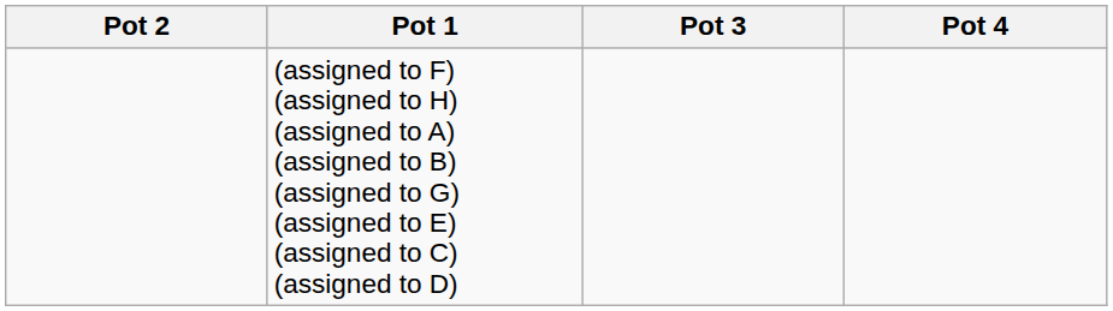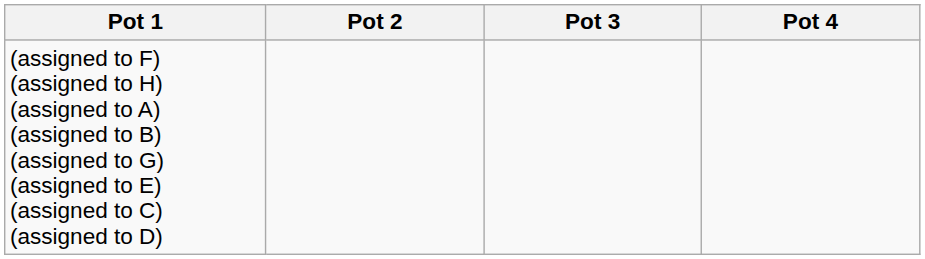 <table class="wikitable">
 <tr>
+<th style="width: 18%;">Pot 1</th>
 <th style="width: 15%;">Pot 2</th>
-<th style="width: 18%;">Pot 1</th>
 <th style="width: 15%;">Pot 3</th>
 <th style="width: 15%;">Pot 4</th>
 </tr>
 <tr>
+<td style="vertical-align: top;"> (assigned to F)<br> (assigned to H)<br> (assigned to A)<br> (assigned to B)<br> (assigned to G)<br> (assigned to E)<br> (assigned to C)<br> (assigned to D)</td>
 <td style="vertical-align: top;"><br><br><br><br><br><br><br></td>
-<td style="vertical-align: top;"> (assigned to F)<br> (assigned to H)<br> (assigned to A)<br> (assigned to B)<br> (assigned to G)<br> (assigned to E)<br> (assigned to C)<br> (assigned to D)</td>
 <td style="vertical-align: top;"><br><br><br><br><br><br><br></td>
 <td style="vertical-align: top;"><br><br><br><br><br><br><br></td>
 </tr>
 </table>
